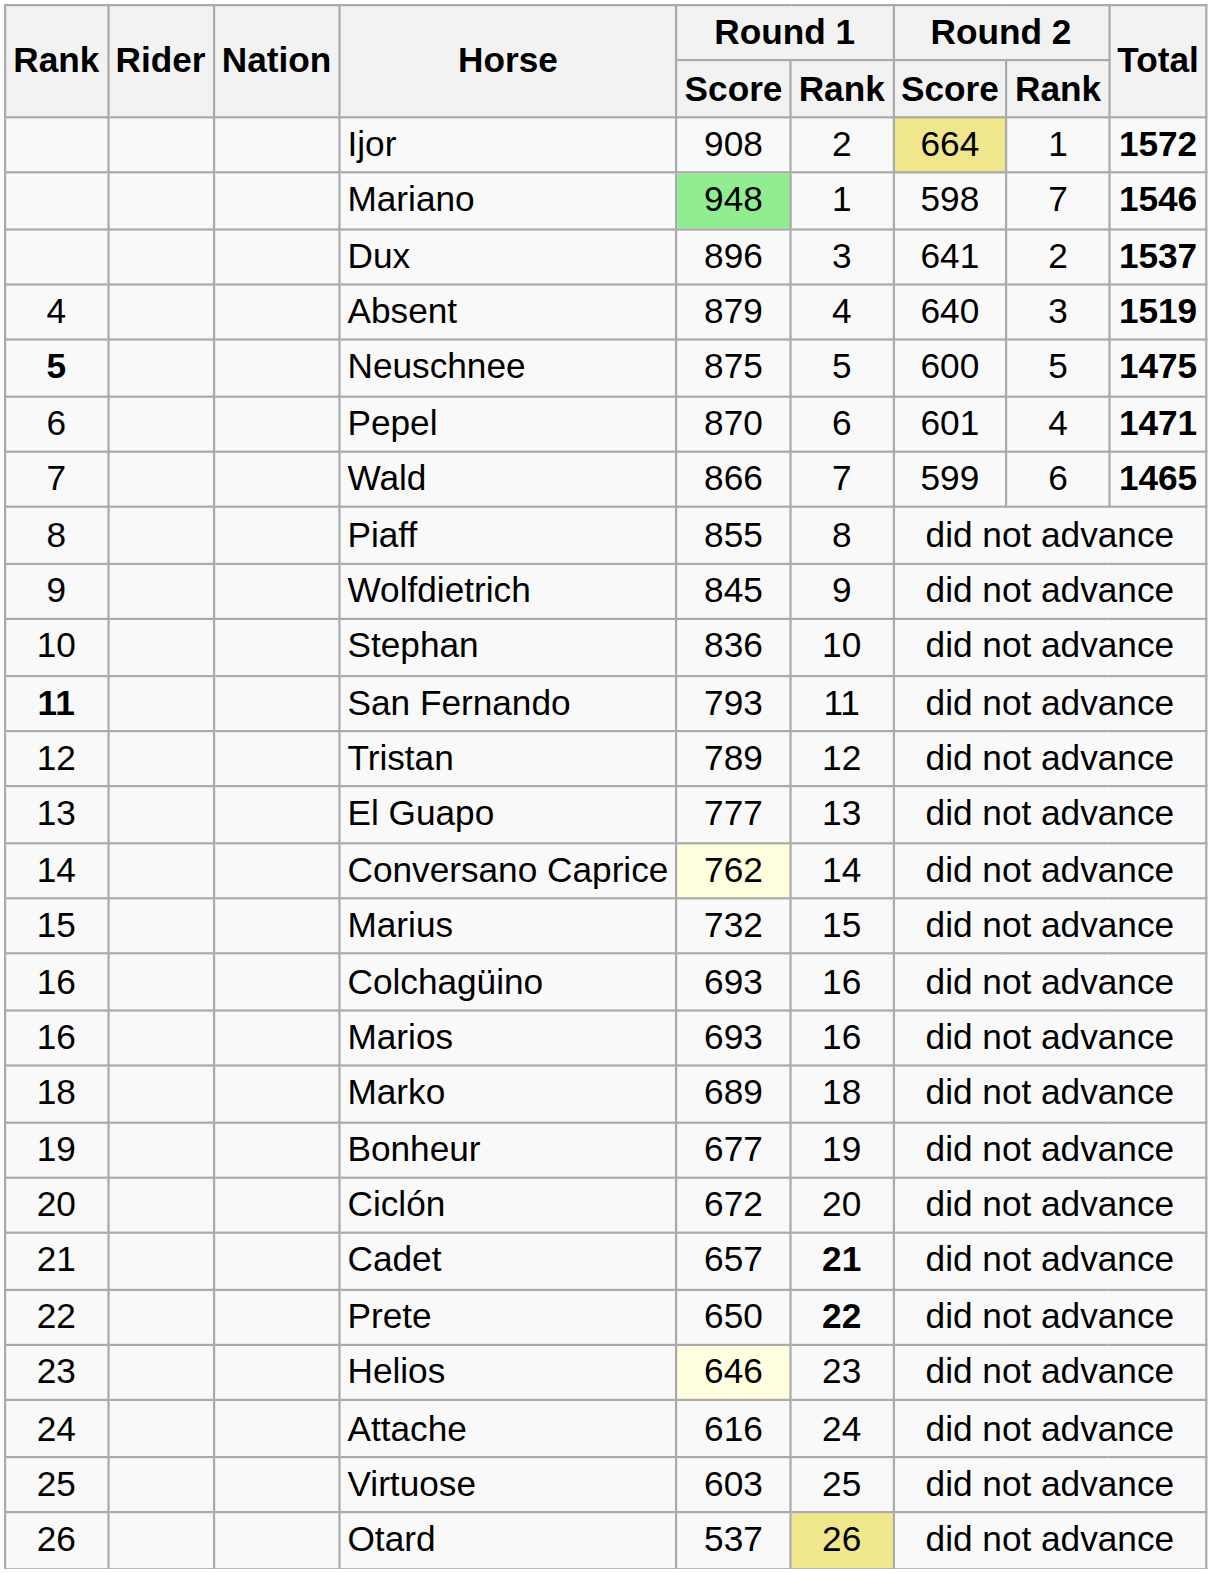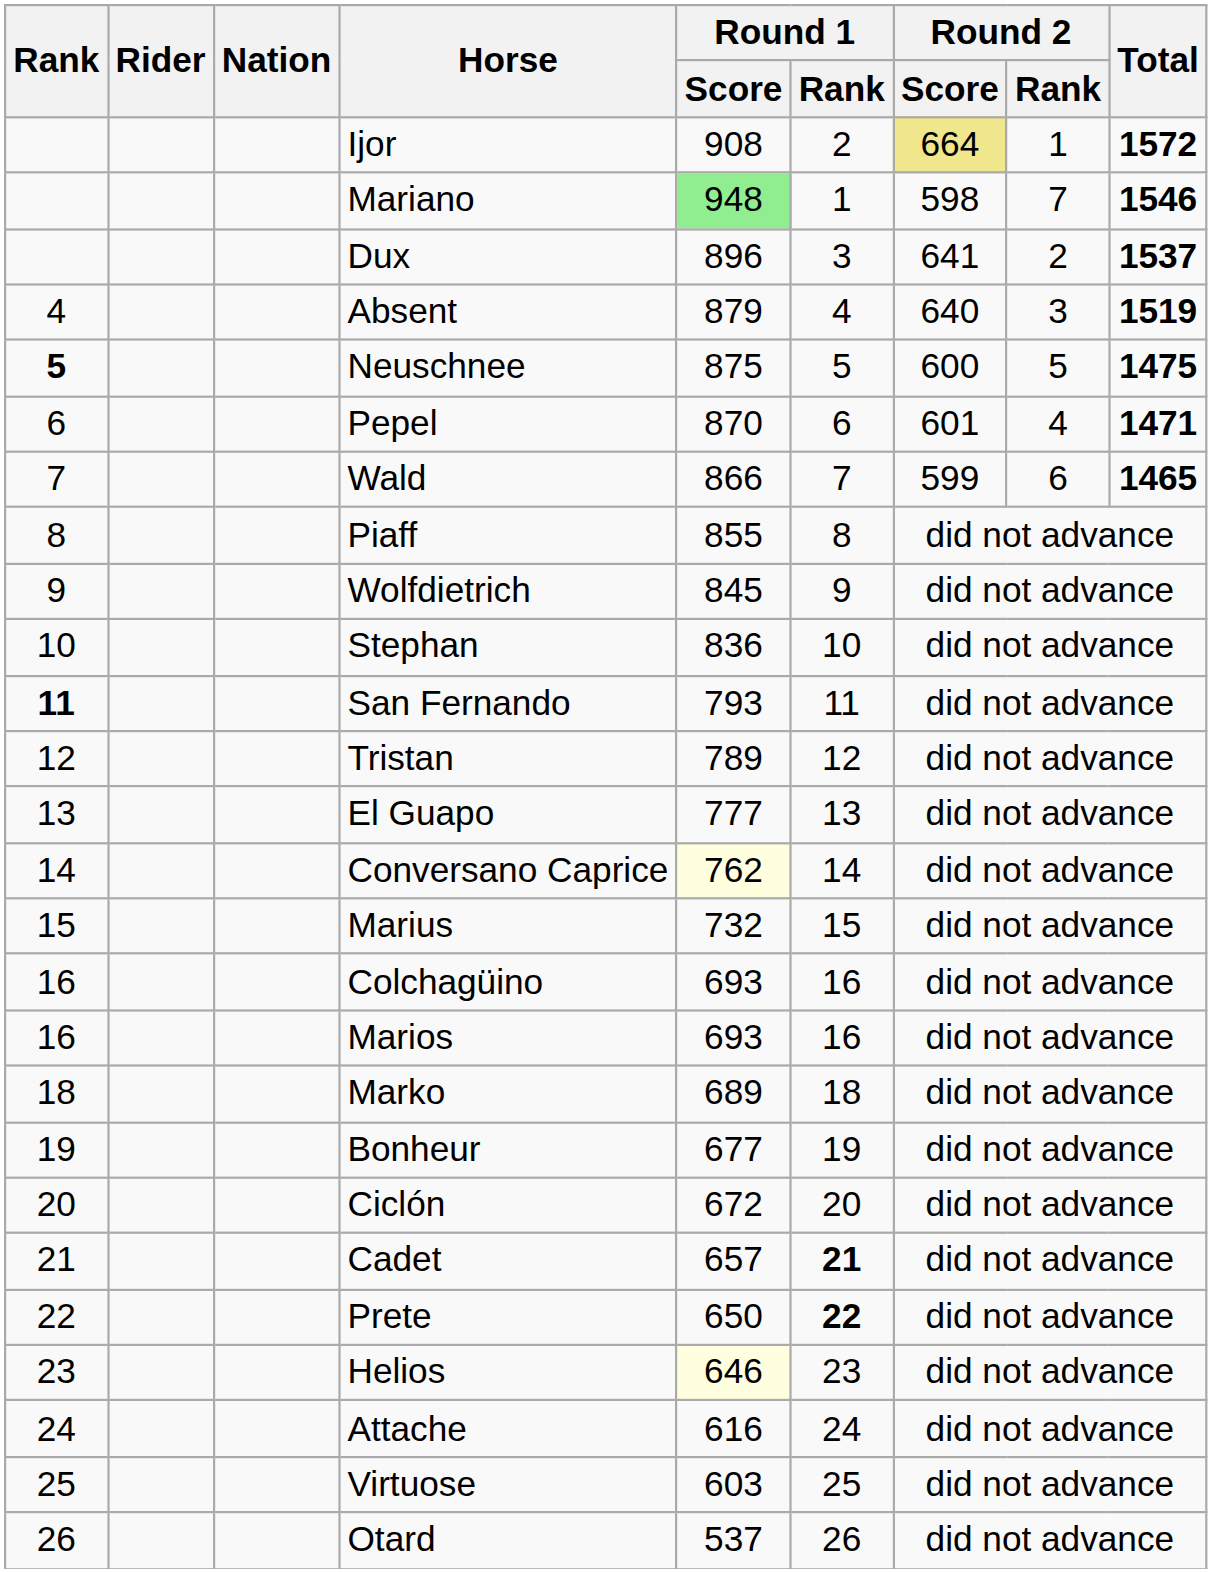 <table class="wikitable sortable" style="text-align:center">
 <tr>
 <th rowspan=2>Rank</th>
 <th rowspan=2>Rider</th>
 <th rowspan=2>Nation</th>
 <th rowspan=2>Horse</th>
 <th colspan=2>Round 1</th>
 <th colspan=2>Round 2</th>
 <th rowspan=2>Total</th>
 </tr>
 <tr>
 <th>Score</th>
 <th>Rank</th>
 <th>Score</th>
 <th>Rank</th>
 </tr>
 <tr>
 <td></td>
 <td align=left></td>
 <td align=left></td>
 <td align=left>Ijor</td>
 <td>908</td>
 <td>2</td>
 <td style="background: khaki;">664</td>
 <td>1</td>
 <td><strong>1572</strong></td>
 </tr>
 <tr>
 <td></td>
 <td align=left></td>
 <td align=left></td>
 <td align=left>Mariano</td>
 <td style="background: lightgreen;">948</td>
 <td>1</td>
 <td>598</td>
 <td>7</td>
 <td><strong>1546</strong></td>
 </tr>
 <tr>
 <td></td>
 <td align=left></td>
 <td align=left></td>
 <td align=left>Dux</td>
 <td>896</td>
 <td>3</td>
 <td>641</td>
 <td>2</td>
 <td><strong>1537</strong></td>
 </tr>
 <tr>
 <td>4</td>
 <td align=left></td>
 <td align=left></td>
 <td align=left>Absent</td>
 <td>879</td>
 <td>4</td>
 <td>640</td>
 <td>3</td>
 <td><strong>1519</strong></td>
 </tr>
 <tr>
 <td><strong>5</strong></td>
 <td align=left></td>
 <td align=left></td>
 <td align=left>Neuschnee</td>
 <td>875</td>
 <td>5</td>
 <td>600</td>
 <td>5</td>
 <td><strong>1475</strong></td>
 </tr>
 <tr>
 <td>6</td>
 <td align=left></td>
 <td align=left></td>
 <td align=left>Pepel</td>
 <td>870</td>
 <td>6</td>
 <td>601</td>
 <td>4</td>
 <td><strong>1471</strong></td>
 </tr>
 <tr>
 <td>7</td>
 <td align=left></td>
 <td align=left></td>
 <td align=left>Wald</td>
 <td>866</td>
 <td>7</td>
 <td>599</td>
 <td>6</td>
 <td><strong>1465</strong></td>
 </tr>
 <tr>
 <td>8</td>
 <td align=left></td>
 <td align=left></td>
 <td align=left>Piaff</td>
 <td>855</td>
 <td>8</td>
 <td colspan=3>did not advance</td>
 </tr>
 <tr>
 <td>9</td>
 <td align=left></td>
 <td align=left></td>
 <td align=left>Wolfdietrich</td>
 <td>845</td>
 <td>9</td>
 <td colspan=3>did not advance</td>
 </tr>
 <tr>
 <td>10</td>
 <td align=left></td>
 <td align=left></td>
 <td align=left>Stephan</td>
 <td>836</td>
 <td>10</td>
 <td colspan=3>did not advance</td>
 </tr>
 <tr>
 <td><strong>11</strong></td>
 <td align=left></td>
 <td align=left></td>
 <td align=left>San Fernando</td>
 <td>793</td>
 <td>11</td>
 <td colspan=3>did not advance</td>
 </tr>
 <tr>
 <td>12</td>
 <td align=left></td>
 <td align=left></td>
 <td align=left>Tristan</td>
 <td>789</td>
 <td>12</td>
 <td colspan=3>did not advance</td>
 </tr>
 <tr>
 <td>13</td>
 <td align=left></td>
 <td align=left></td>
 <td align=left>El Guapo</td>
 <td>777</td>
 <td>13</td>
 <td colspan=3>did not advance</td>
 </tr>
 <tr>
 <td>14</td>
 <td align=left></td>
 <td align=left></td>
 <td align=left>Conversano Caprice</td>
 <td style="background: lightyellow;">762</td>
 <td>14</td>
 <td colspan=3>did not advance</td>
 </tr>
 <tr>
 <td>15</td>
 <td align=left></td>
 <td align=left></td>
 <td align=left>Marius</td>
 <td>732</td>
 <td>15</td>
 <td colspan=3>did not advance</td>
 </tr>
 <tr>
 <td>16</td>
 <td align=left></td>
 <td align=left></td>
 <td align=left>Colchagüino</td>
 <td>693</td>
 <td>16</td>
 <td colspan=3>did not advance</td>
 </tr>
 <tr>
 <td>16</td>
 <td align=left></td>
 <td align=left></td>
 <td align=left>Marios</td>
 <td>693</td>
 <td>16</td>
 <td colspan=3>did not advance</td>
 </tr>
 <tr>
 <td>18</td>
 <td align=left></td>
 <td align=left></td>
 <td align=left>Marko</td>
 <td>689</td>
 <td>18</td>
 <td colspan=3>did not advance</td>
 </tr>
 <tr>
 <td>19</td>
 <td align=left></td>
 <td align=left></td>
 <td align=left>Bonheur</td>
 <td>677</td>
 <td>19</td>
 <td colspan=3>did not advance</td>
 </tr>
 <tr>
 <td>20</td>
 <td align=left></td>
 <td align=left></td>
 <td align=left>Ciclón</td>
 <td>672</td>
 <td>20</td>
 <td colspan=3>did not advance</td>
 </tr>
 <tr>
 <td>21</td>
 <td align=left></td>
 <td align=left></td>
 <td align=left>Cadet</td>
 <td>657</td>
 <td><strong>21</strong></td>
 <td colspan=3>did not advance</td>
 </tr>
 <tr>
 <td>22</td>
 <td align=left></td>
 <td align=left></td>
 <td align=left>Prete</td>
 <td>650</td>
 <td><strong>22</strong></td>
 <td colspan=3>did not advance</td>
 </tr>
 <tr>
 <td>23</td>
 <td align=left></td>
 <td align=left></td>
 <td align=left>Helios</td>
 <td style="background: lightyellow;">646</td>
 <td>23</td>
 <td colspan=3>did not advance</td>
 </tr>
 <tr>
 <td>24</td>
 <td align=left></td>
 <td align=left></td>
 <td align=left>Attache</td>
 <td>616</td>
 <td>24</td>
 <td colspan=3>did not advance</td>
 </tr>
 <tr>
 <td>25</td>
 <td align=left></td>
 <td align=left></td>
 <td align=left>Virtuose</td>
 <td>603</td>
 <td>25</td>
 <td colspan=3>did not advance</td>
 </tr>
 <tr>
 <td>26</td>
 <td align=left></td>
 <td align=left></td>
 <td align=left>Otard</td>
 <td>537</td>
-<td style="background: khaki;">26</td>
+<td>26</td>
 <td colspan=3>did not advance</td>
 </tr>
 </table>
